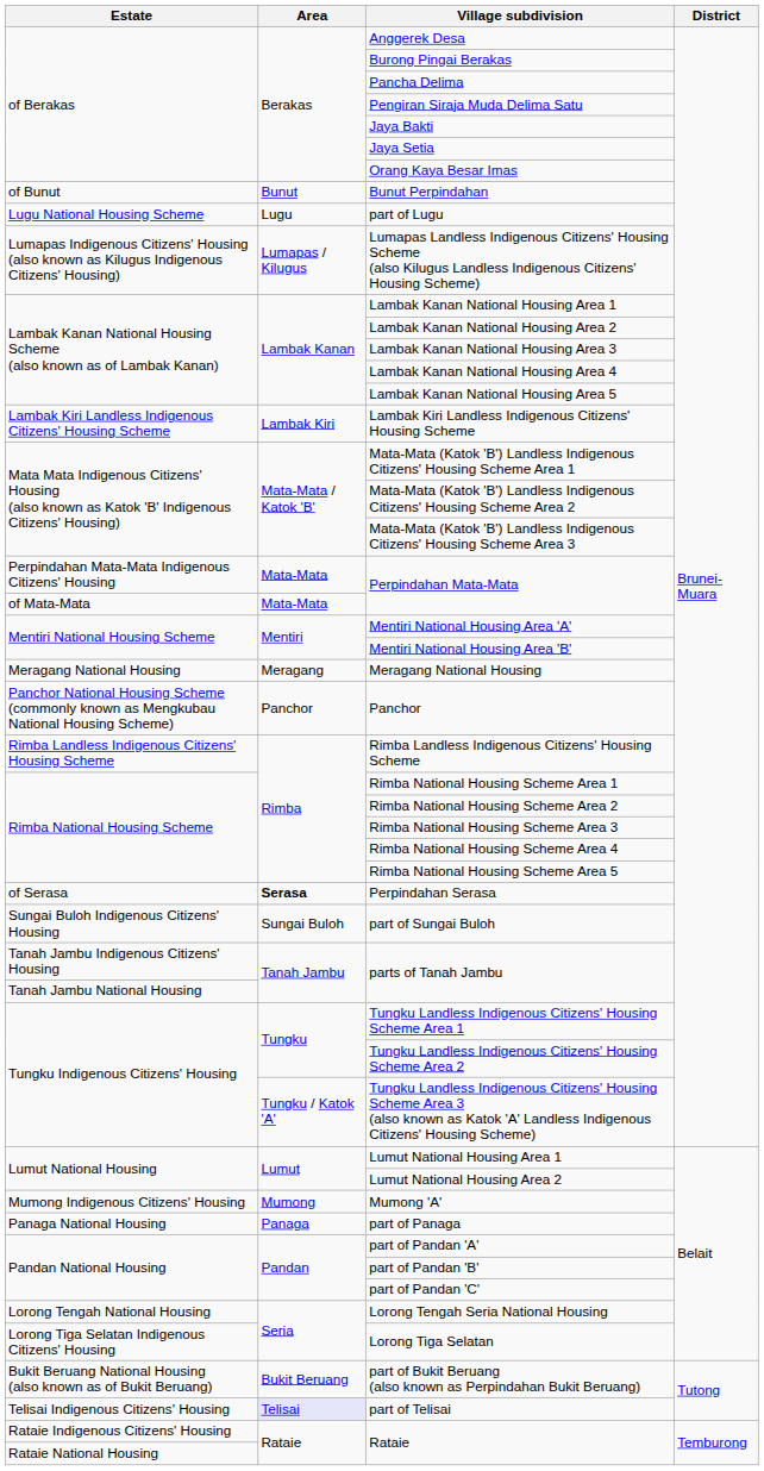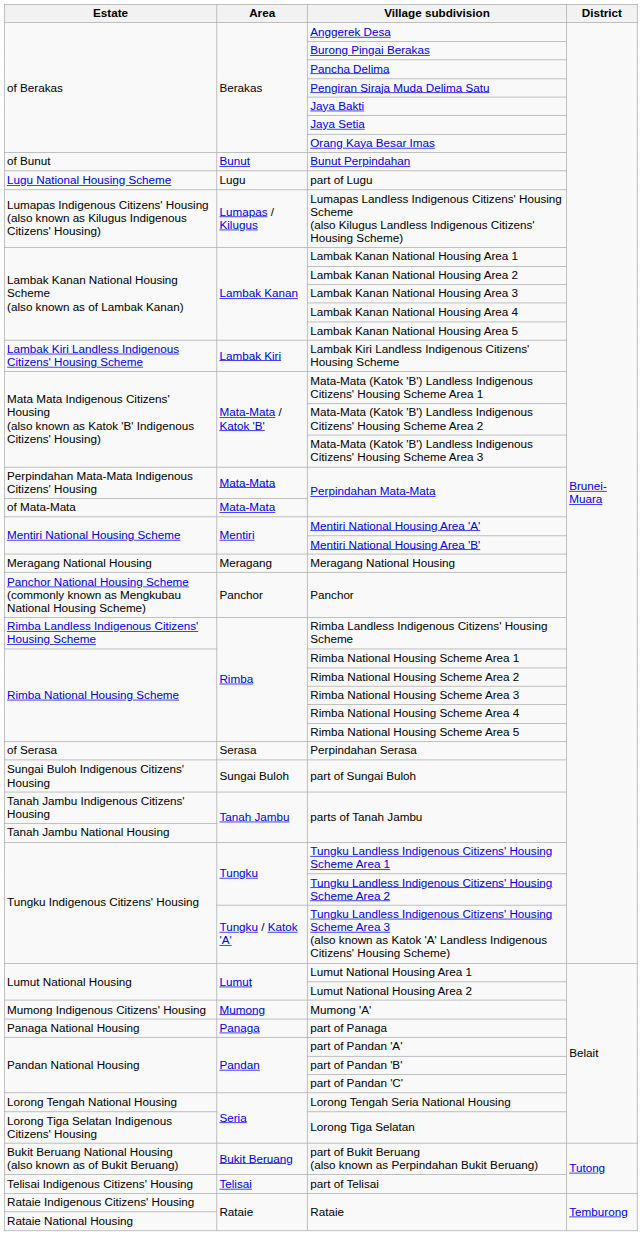 <table class="wikitable sortable">
 <tr>
 <th>Estate</th>
 <th>Area</th>
 <th>Village subdivision</th>
 <th>District</th>
 </tr>
 <tr>
 <td rowspan="7"> of Berakas</td>
 <td rowspan="7">Berakas</td>
 <td><a href='#'>Anggerek Desa</a></td>
 <td rowspan="38"><a href='#'>Brunei-Muara</a></td>
 </tr>
 <tr>
 <td><a href='#'>Burong Pingai Berakas</a></td>
 </tr>
 <tr>
 <td><a href='#'>Pancha Delima</a></td>
 </tr>
 <tr>
 <td><a href='#'>Pengiran Siraja Muda Delima Satu</a></td>
 </tr>
 <tr>
 <td><a href='#'>Jaya Bakti</a></td>
 </tr>
 <tr>
 <td><a href='#'>Jaya Setia</a></td>
 </tr>
 <tr>
 <td><a href='#'>Orang Kaya Besar Imas</a></td>
 </tr>
 <tr>
 <td> of Bunut</td>
 <td><a href='#'>Bunut</a></td>
 <td><a href='#'>Bunut Perpindahan</a></td>
 </tr>
 <tr>
 <td><a href='#'>Lugu National Housing Scheme</a></td>
 <td>Lugu</td>
 <td>part of Lugu</td>
 </tr>
 <tr>
 <td>Lumapas Indigenous Citizens' Housing<br>(also known as Kilugus Indigenous Citizens' Housing)</td>
 <td><a href='#'>Lumapas</a> / <a href='#'>Kilugus</a></td>
 <td>Lumapas Landless Indigenous Citizens' Housing Scheme<br>(also Kilugus Landless Indigenous Citizens' Housing Scheme)</td>
 </tr>
 <tr>
 <td rowspan="5">Lambak Kanan National Housing Scheme<br>(also known as  of Lambak Kanan)</td>
 <td rowspan="5"><a href='#'>Lambak Kanan</a></td>
 <td>Lambak Kanan National Housing Area 1</td>
 </tr>
 <tr>
 <td>Lambak Kanan National Housing Area 2</td>
 </tr>
 <tr>
 <td>Lambak Kanan National Housing Area 3</td>
 </tr>
 <tr>
 <td>Lambak Kanan National Housing Area 4</td>
 </tr>
 <tr>
 <td>Lambak Kanan National Housing Area 5</td>
 </tr>
 <tr>
 <td><a href='#'>Lambak Kiri Landless Indigenous Citizens' Housing Scheme</a></td>
 <td><a href='#'>Lambak Kiri</a></td>
 <td>Lambak Kiri Landless Indigenous Citizens' Housing Scheme</td>
 </tr>
 <tr>
 <td rowspan="3">Mata Mata Indigenous Citizens' Housing<br>(also known as Katok 'B' Indigenous Citizens' Housing)</td>
 <td rowspan="3"><a href='#'>Mata-Mata</a> / <a href='#'>Katok 'B'</a></td>
 <td>Mata-Mata (Katok 'B') Landless Indigenous Citizens' Housing Scheme Area 1</td>
 </tr>
 <tr>
 <td>Mata-Mata (Katok 'B') Landless Indigenous Citizens' Housing Scheme Area 2</td>
 </tr>
 <tr>
 <td>Mata-Mata (Katok 'B') Landless Indigenous Citizens' Housing Scheme Area 3</td>
 </tr>
 <tr>
 <td>Perpindahan Mata-Mata Indigenous Citizens' Housing</td>
 <td><a href='#'>Mata-Mata</a></td>
 <td rowspan="2"><a href='#'>Perpindahan Mata-Mata</a></td>
 </tr>
 <tr>
 <td> of Mata-Mata</td>
 <td><a href='#'>Mata-Mata</a></td>
 </tr>
 <tr>
 <td rowspan="2"><a href='#'>Mentiri National Housing Scheme</a></td>
 <td rowspan="2"><a href='#'>Mentiri</a></td>
 <td><a href='#'>Mentiri National Housing Area 'A'</a></td>
 </tr>
 <tr>
 <td><a href='#'>Mentiri National Housing Area 'B'</a></td>
 </tr>
 <tr>
 <td>Meragang National Housing</td>
 <td>Meragang</td>
 <td>Meragang National Housing</td>
 </tr>
 <tr>
 <td><a href='#'>Panchor National Housing Scheme</a><br>(commonly known as Mengkubau National Housing Scheme)</td>
 <td>Panchor</td>
 <td>Panchor</td>
 </tr>
 <tr>
 <td><a href='#'>Rimba Landless Indigenous Citizens' Housing Scheme</a></td>
 <td rowspan="6"><a href='#'>Rimba</a></td>
 <td>Rimba Landless Indigenous Citizens' Housing Scheme</td>
 </tr>
 <tr>
 <td rowspan="5"><a href='#'>Rimba National Housing Scheme</a></td>
 <td>Rimba National Housing Scheme Area 1</td>
 </tr>
 <tr>
 <td>Rimba National Housing Scheme Area 2</td>
 </tr>
 <tr>
 <td>Rimba National Housing Scheme Area 3</td>
 </tr>
 <tr>
 <td>Rimba National Housing Scheme Area 4</td>
 </tr>
 <tr>
 <td>Rimba National Housing Scheme Area 5</td>
 </tr>
 <tr>
 <td> of Serasa</td>
-<td><strong>Serasa</strong></td>
+<td>Serasa</td>
 <td>Perpindahan Serasa</td>
 </tr>
 <tr>
 <td>Sungai Buloh Indigenous Citizens' Housing</td>
 <td>Sungai Buloh</td>
 <td>part of Sungai Buloh</td>
 </tr>
 <tr>
 <td>Tanah Jambu Indigenous Citizens' Housing</td>
 <td rowspan="2"><a href='#'>Tanah Jambu</a></td>
 <td rowspan="2">parts of Tanah Jambu</td>
 </tr>
 <tr>
 <td>Tanah Jambu National Housing</td>
 </tr>
 <tr>
 <td rowspan="3">Tungku Indigenous Citizens' Housing</td>
 <td rowspan="2"><a href='#'>Tungku</a></td>
 <td><a href='#'>Tungku Landless Indigenous Citizens' Housing Scheme Area 1</a></td>
 </tr>
 <tr>
 <td><a href='#'>Tungku Landless Indigenous Citizens' Housing Scheme Area 2</a></td>
 </tr>
 <tr>
 <td><a href='#'>Tungku</a> / <a href='#'>Katok 'A'</a></td>
 <td><a href='#'>Tungku Landless Indigenous Citizens' Housing Scheme Area 3</a><br>(also known as Katok 'A' Landless Indigenous Citizens' Housing Scheme)</td>
 </tr>
 <tr>
 <td rowspan="2">Lumut National Housing</td>
 <td rowspan="2"><a href='#'>Lumut</a></td>
 <td>Lumut National Housing Area 1</td>
 <td rowspan="9">Belait</td>
 </tr>
 <tr>
 <td>Lumut National Housing Area 2</td>
 </tr>
 <tr>
 <td>Mumong Indigenous Citizens' Housing</td>
 <td><a href='#'>Mumong</a></td>
 <td>Mumong 'A'</td>
 </tr>
 <tr>
 <td>Panaga National Housing</td>
 <td><a href='#'>Panaga</a></td>
 <td>part of Panaga</td>
 </tr>
 <tr>
 <td rowspan="3">Pandan National Housing</td>
 <td rowspan="3"><a href='#'>Pandan</a></td>
 <td>part of Pandan 'A'</td>
 </tr>
 <tr>
 <td>part of Pandan 'B'</td>
 </tr>
 <tr>
 <td>part of Pandan 'C'</td>
 </tr>
 <tr>
 <td>Lorong Tengah National Housing</td>
 <td rowspan="2"><a href='#'>Seria</a></td>
 <td>Lorong Tengah Seria National Housing</td>
 </tr>
 <tr>
 <td>Lorong Tiga Selatan Indigenous Citizens' Housing</td>
 <td>Lorong Tiga Selatan</td>
 </tr>
 <tr>
 <td>Bukit Beruang National Housing<br>(also known as  of Bukit Beruang)</td>
 <td><a href='#'>Bukit Beruang</a></td>
 <td>part of Bukit Beruang<br>(also known as Perpindahan Bukit Beruang)</td>
 <td rowspan="2"><a href='#'>Tutong</a></td>
 </tr>
 <tr>
 <td>Telisai Indigenous Citizens' Housing</td>
-<td style="background: lavender;"><a href='#'>Telisai</a></td>
+<td><a href='#'>Telisai</a></td>
 <td>part of Telisai</td>
 </tr>
 <tr>
 <td>Rataie Indigenous Citizens' Housing</td>
 <td rowspan="2">Rataie</td>
 <td rowspan="2">Rataie</td>
 <td rowspan="2"><a href='#'>Temburong</a></td>
 </tr>
 <tr>
 <td>Rataie National Housing</td>
 </tr>
 </table>
